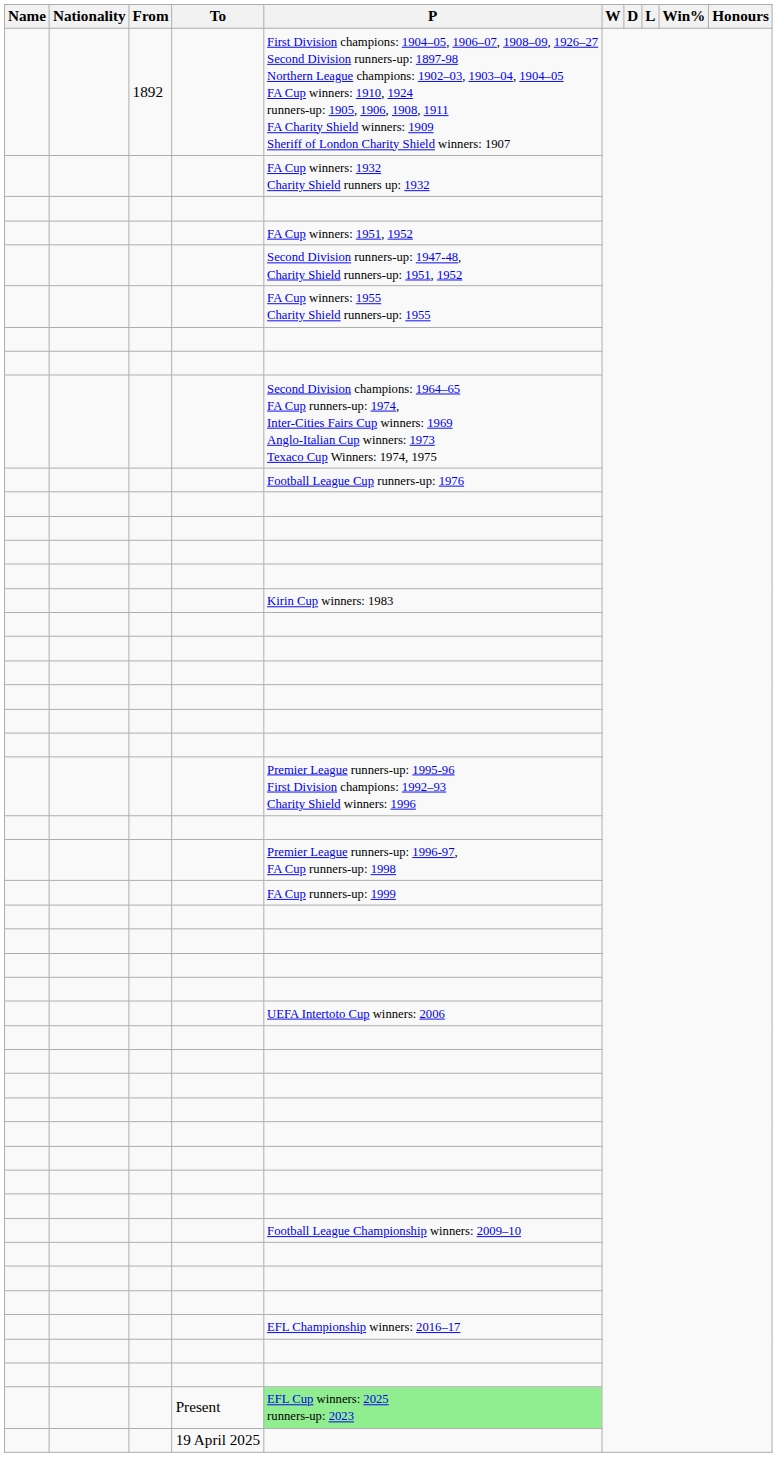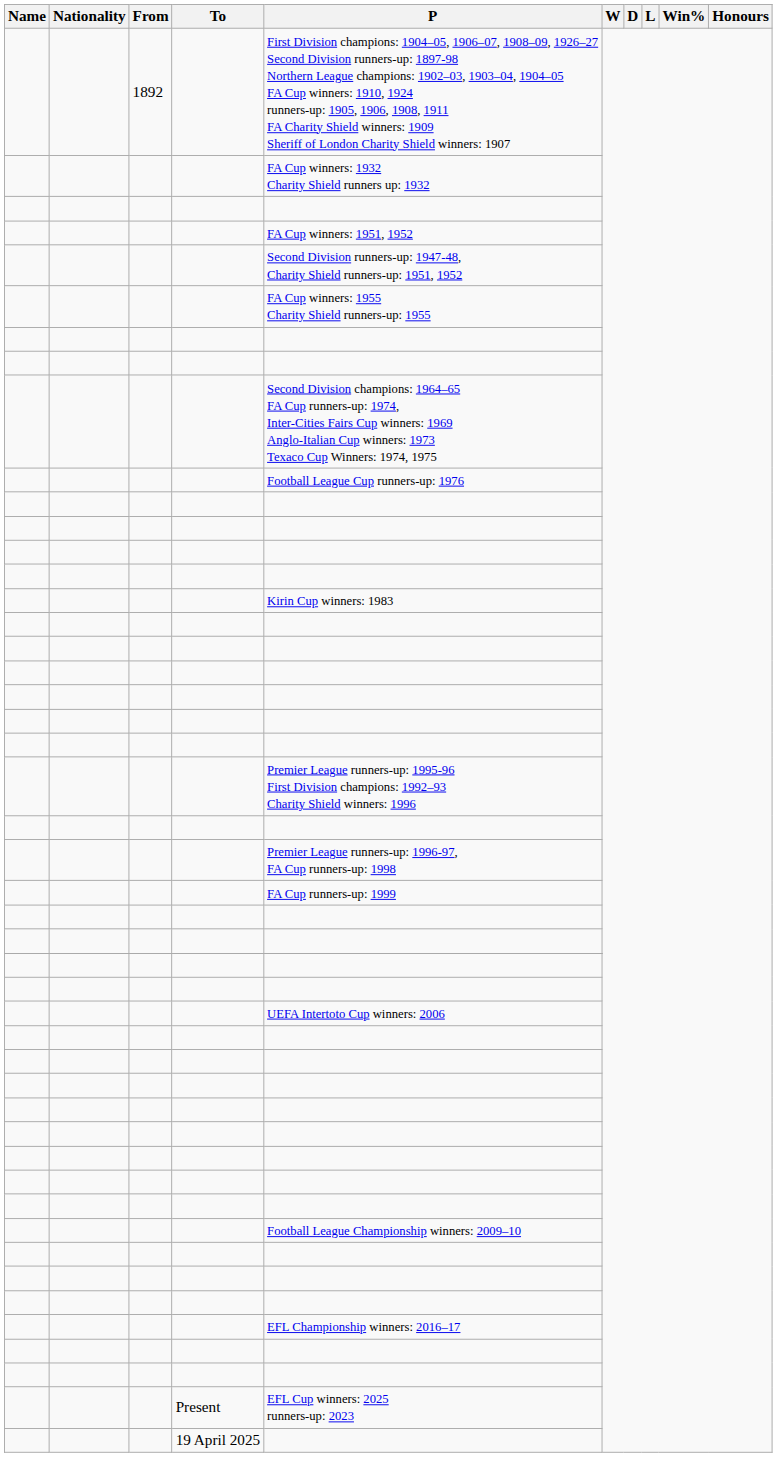 <table class="wikitable sortable">
 <tr>
 <th>Name</th>
 <th>Nationality</th>
 <th>From</th>
 <th class="unsortable">To</th>
 <th>P</th>
 <th>W</th>
 <th>D</th>
 <th>L</th>
 <th>Win%</th>
 <th class="unsortable">Honours</th>
 </tr>
 <tr>
 <td align=left></td>
 <td></td>
 <td align=left>1892</td>
 <td align=left><br></td>
 <td align=left><small><a href='#'>First Division</a> champions: <a href='#'>1904–05</a>, <a href='#'>1906–07</a>, <a href='#'>1908–09</a>, <a href='#'>1926–27</a><br> <a href='#'>Second Division</a> runners-up: <a href='#'>1897-98</a><br> <a href='#'>Northern League</a> champions: <a href='#'>1902–03</a>, <a href='#'>1903–04</a>, <a href='#'>1904–05</a><br><a href='#'>FA Cup</a> winners: <a href='#'>1910</a>, <a href='#'>1924</a><br> runners-up: <a href='#'> 1905</a>, <a href='#'> 1906</a>, <a href='#'> 1908</a>, <a href='#'> 1911</a><br> <a href='#'>FA Charity Shield</a> winners: <a href='#'>1909</a><br><a href='#'>Sheriff of London Charity Shield</a> winners: 1907</small></td>
 </tr>
 <tr>
 <td align=left></td>
 <td></td>
 <td align=left></td>
 <td align=left><br></td>
 <td align=left><small><a href='#'>FA Cup</a> winners: <a href='#'>1932</a><br> <a href='#'>Charity Shield</a> runners up: <a href='#'> 1932</a><br> </small></td>
 </tr>
 <tr>
 <td align=left></td>
 <td></td>
 <td align=left></td>
 <td align=left><br></td>
 <td></td>
 </tr>
 <tr>
 <td align=left></td>
 <td></td>
 <td align=left></td>
 <td align=left><br></td>
 <td align=left><small><a href='#'>FA Cup</a> winners: <a href='#'>1951</a>, <a href='#'>1952</a><br></small></td>
 </tr>
 <tr>
 <td align=left></td>
 <td></td>
 <td align=left></td>
 <td align=left><br></td>
 <td align=left><small><a href='#'>Second Division</a> runners-up: <a href='#'>1947-48</a>,<br><a href='#'>Charity Shield</a> runners-up: <a href='#'>1951</a>, <a href='#'>1952</a></small></td>
 </tr>
 <tr>
 <td align=left></td>
 <td></td>
 <td align=left></td>
 <td align=left><br></td>
 <td align=left><small><a href='#'>FA Cup</a> winners: <a href='#'>1955</a><br><a href='#'>Charity Shield</a> runners-up: <a href='#'>1955</a></small></td>
 </tr>
 <tr>
 <td align=left></td>
 <td></td>
 <td align=left></td>
 <td align=left><br></td>
 <td></td>
 </tr>
 <tr>
 <td align=left></td>
 <td></td>
 <td align=left></td>
 <td align=left><br></td>
 <td></td>
 </tr>
 <tr>
 <td align=left></td>
 <td></td>
 <td align=left></td>
 <td align=left><br></td>
 <td align=left><small><a href='#'>Second Division</a> champions: <a href='#'>1964–65</a><br> <a href='#'>FA Cup</a> runners-up: <a href='#'>1974</a>,<br> <a href='#'>Inter-Cities Fairs Cup</a> winners: <a href='#'>1969</a><br><a href='#'>Anglo-Italian Cup</a> winners: <a href='#'>1973</a><br><a href='#'>Texaco Cup</a> Winners: 1974, 1975</small></td>
 </tr>
 <tr>
 <td align=left></td>
 <td></td>
 <td align=left></td>
 <td align=left><br></td>
 <td align=left><small><a href='#'>Football League Cup</a> runners-up: <a href='#'>1976</a></small></td>
 </tr>
 <tr>
 <td align=left></td>
 <td></td>
 <td align=left></td>
 <td align=left><br></td>
 <td></td>
 </tr>
 <tr>
 <td align=left></td>
 <td></td>
 <td align=left></td>
 <td align=left><br></td>
 <td></td>
 </tr>
 <tr>
 <td align=left></td>
 <td></td>
 <td align=left></td>
 <td align=left><br></td>
 <td></td>
 </tr>
 <tr>
 <td align=left></td>
 <td></td>
 <td align=left></td>
 <td align=left><br></td>
 <td></td>
 </tr>
 <tr>
 <td align=left></td>
 <td></td>
 <td align=left></td>
 <td align=left><br></td>
 <td align=left><small><a href='#'>Kirin Cup</a> winners: 1983</small></td>
 </tr>
 <tr>
 <td align=left></td>
 <td></td>
 <td align=left></td>
 <td align=left><br></td>
 <td></td>
 </tr>
 <tr>
 <td align=left></td>
 <td></td>
 <td align=left></td>
 <td align=left><br></td>
 <td></td>
 </tr>
 <tr>
 <td align=left></td>
 <td></td>
 <td align=left></td>
 <td align=left><br></td>
 <td></td>
 </tr>
 <tr>
 <td align=left></td>
 <td></td>
 <td align=left></td>
 <td align=left><br></td>
 <td></td>
 </tr>
 <tr>
 <td align=left></td>
 <td></td>
 <td align=left></td>
 <td align=left><br></td>
 <td></td>
 </tr>
 <tr>
 <td align=left></td>
 <td></td>
 <td align=left></td>
 <td align=left><br></td>
 <td></td>
 </tr>
 <tr>
 <td align=left></td>
 <td></td>
 <td align=left></td>
 <td align=left><br></td>
 <td align=left><small><a href='#'>Premier League</a> runners-up: <a href='#'>1995-96</a><br> <a href='#'>First Division</a> champions: <a href='#'>1992–93</a><br><a href='#'>Charity Shield</a> winners: <a href='#'>1996</a></small></td>
 </tr>
 <tr>
 <td align=left></td>
 <td></td>
 <td align=left></td>
 <td align=left><br></td>
 <td></td>
 </tr>
 <tr>
 <td align=left></td>
 <td></td>
 <td align=left></td>
 <td align=left><br></td>
 <td align=left><small><a href='#'>Premier League</a> runners-up: <a href='#'>1996-97</a>,<br><a href='#'>FA Cup</a> runners-up: <a href='#'>1998</a></small></td>
 </tr>
 <tr>
 <td align=left></td>
 <td></td>
 <td align=left></td>
 <td align=left><br></td>
 <td align=left><small><a href='#'>FA Cup</a> runners-up: <a href='#'>1999</a> </small></td>
 </tr>
 <tr>
 <td align=left></td>
 <td></td>
 <td align=left></td>
 <td align=left><br></td>
 <td></td>
 </tr>
 <tr>
 <td align=left></td>
 <td></td>
 <td align=left></td>
 <td align=left><br></td>
 <td align=left><small><br></small></td>
 </tr>
 <tr>
 </tr>
 <tr>
 <td align=left></td>
 <td></td>
 <td align=left></td>
 <td align=left><br></td>
 <td></td>
 </tr>
 <tr>
 <td align=left></td>
 <td></td>
 <td align=left></td>
 <td align=left><br></td>
 <td></td>
 </tr>
 <tr>
 <td align=left></td>
 <td></td>
 <td align=left></td>
 <td align=left><br></td>
 <td align=left><small><a href='#'>UEFA Intertoto Cup</a> winners: <a href='#'>2006</a></small></td>
 </tr>
 <tr>
 <td align=left></td>
 <td></td>
 <td align=left></td>
 <td align=left><br></td>
 <td></td>
 </tr>
 <tr>
 <td align=left></td>
 <td></td>
 <td align=left></td>
 <td align=left><br></td>
 <td></td>
 </tr>
 <tr>
 <td align=left></td>
 <td></td>
 <td align=left></td>
 <td align=left><br></td>
 <td></td>
 </tr>
 <tr>
 <td align=left></td>
 <td></td>
 <td align=left></td>
 <td align=left><br></td>
 <td></td>
 </tr>
 <tr>
 <td align=left></td>
 <td></td>
 <td align=left></td>
 <td align=left><br></td>
 <td></td>
 </tr>
 <tr>
 <td align=left></td>
 <td></td>
 <td align=left></td>
 <td align=left><br></td>
 <td></td>
 </tr>
 <tr>
 <td align=left></td>
 <td></td>
 <td align=left></td>
 <td align=left><br></td>
 <td></td>
 </tr>
 <tr>
 <td align=left></td>
 <td></td>
 <td align=left></td>
 <td align=left><br></td>
 <td></td>
 </tr>
 <tr>
 <td align=left></td>
 <td></td>
 <td align=left></td>
 <td align=left><br></td>
 <td align=left><small><a href='#'>Football League Championship</a> winners: <a href='#'>2009–10</a></small></td>
 </tr>
 <tr>
 <td align=left></td>
 <td></td>
 <td align=left></td>
 <td align=left><br></td>
 <td align=left></td>
 </tr>
 <tr>
 <td align=left></td>
 <td></td>
 <td align=left></td>
 <td align=left><br></td>
 <td></td>
 </tr>
 <tr>
 <td align=left></td>
 <td></td>
 <td align=left></td>
 <td align=left><br></td>
 <td></td>
 </tr>
 <tr>
 <td align=left></td>
 <td></td>
 <td align=left></td>
 <td align=left><br></td>
 <td><small><a href='#'>EFL Championship</a> winners: <a href='#'>2016–17</a></small></td>
 </tr>
 <tr>
 <td align=left></td>
 <td></td>
 <td align=left></td>
 <td align=left><br></td>
 <td></td>
 </tr>
 <tr>
 <td align=left></td>
 <td></td>
 <td align=left></td>
 <td align=left><br></td>
 <td></td>
 </tr>
 <tr>
 <td align=left></td>
 <td></td>
 <td align=left></td>
 <td align=>Present<br></td>
-<td style="background: lightgreen;"><small><a href='#'>EFL Cup</a> winners: <a href='#'>2025</a><br>runners-up: <a href='#'>2023</a></small></td>
+<td><small><a href='#'>EFL Cup</a> winners: <a href='#'>2025</a><br>runners-up: <a href='#'>2023</a></small></td>
 </tr>
 <tr>
 <td align=left> </td>
 <td></td>
 <td align=left></td>
 <td align=>19 April 2025<br></td>
 <td></td>
 </tr>
 </table>
